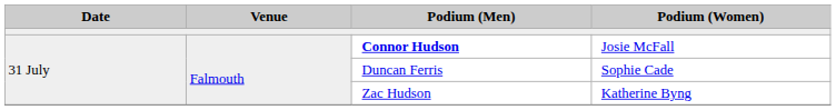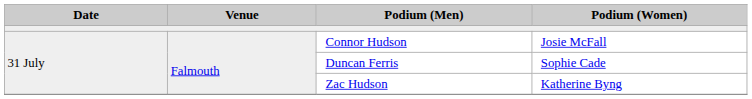 <table class="wikitable" width=70% bgcolor="#f7f8ff" cellpadding="3" cellspacing="0" border="1" style="font-size: 95%; border: gray solid 1px; border-collapse: collapse;">
 <tr bgcolor="#CCCCCC">
 <td align="center"><strong>Date</strong></td>
 <td width=20% align="center"><strong>Venue</strong></td>
 <td width=29% align="center"><strong>Podium (Men)</strong></td>
 <td width=29% align="center"><strong>Podium (Women)</strong></td>
 </tr>
 <tr bgcolor="#EFEFEF">
 <td colspan=4></td>
 </tr>
 <tr bgcolor="#EFEFEF">
 <td rowspan=3>31 July</td>
 <td rowspan=3><br><a href='#'>Falmouth</a></td>
-<td bgcolor="#ffffff"><strong>   <a href='#'>Connor Hudson</a></strong></td>
+<td bgcolor="#ffffff">   <a href='#'>Connor Hudson</a></td>
 <td bgcolor="#ffffff">   <a href='#'>Josie McFall</a></td>
 </tr>
 <tr>
 <td bgcolor="#ffffff">   <a href='#'>Duncan Ferris</a></td>
 <td bgcolor="#ffffff">   <a href='#'>Sophie Cade</a></td>
 </tr>
 <tr>
 <td bgcolor="#ffffff">   <a href='#'>Zac Hudson</a></td>
 <td bgcolor="#ffffff">   <a href='#'>Katherine Byng</a></td>
 </tr>
 <tr>
 </tr>
 </table>
